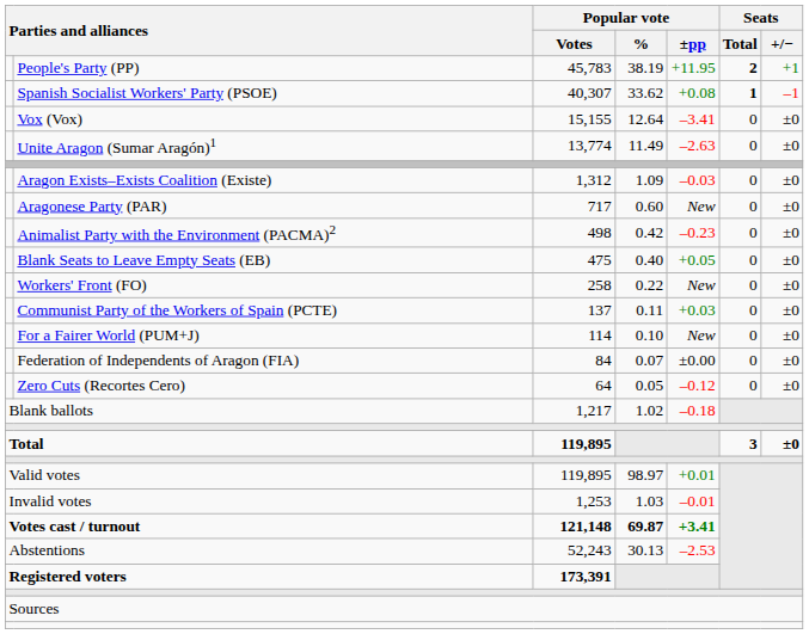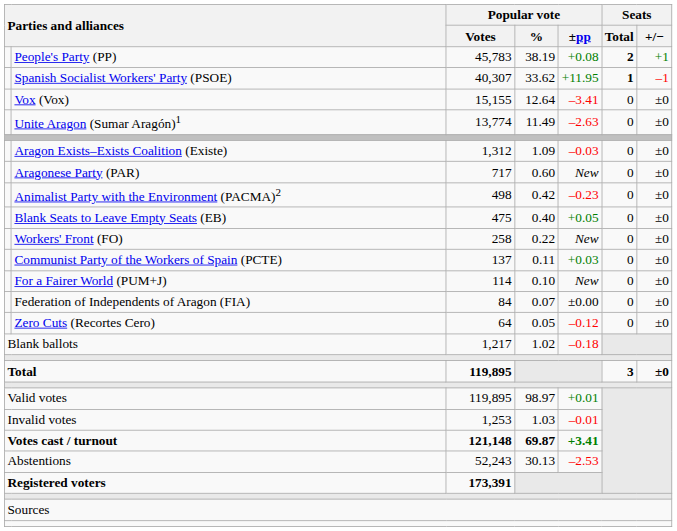 <table class="wikitable" style="text-align:right;">
 <tr>
 <th style="text-align:left;" rowspan="2" colspan="2" width="525">Parties and alliances</th>
 <th colspan="3">Popular vote</th>
 <th colspan="2">Seats</th>
 </tr>
 <tr>
 <th width="75">Votes</th>
 <th width="45">%</th>
 <th width="45">±<a href='#'>pp</a></th>
 <th width="35">Total</th>
 <th width="35">+/−</th>
 </tr>
 <tr>
 <td width="1" style="color:inherit;background:"></td>
 <td align="left"><a href='#'>People's Party</a> (PP)</td>
 <td>45,783</td>
 <td>38.19</td>
-<td style="color:green;">+11.95</td>
+<td style="color:green;">+0.08</td>
 <td><strong>2</strong></td>
 <td style="color:green;">+1</td>
 </tr>
 <tr>
 <td style="color:inherit;background:"></td>
 <td align="left"><a href='#'>Spanish Socialist Workers' Party</a> (PSOE)</td>
 <td>40,307</td>
 <td>33.62</td>
-<td style="color:green;">+0.08</td>
+<td style="color:green;">+11.95</td>
 <td><strong>1</strong></td>
 <td style="color:red;">–1</td>
 </tr>
 <tr>
 <td style="color:inherit;background:"></td>
 <td align="left"><a href='#'>Vox</a> (Vox)</td>
 <td>15,155</td>
 <td>12.64</td>
 <td style="color:red;">–3.41</td>
 <td>0</td>
 <td>±0</td>
 </tr>
 <tr>
 <td style="color:inherit;background:"></td>
 <td align="left"><a href='#'>Unite Aragon</a> (Sumar Aragón)<sup>1</sup></td>
 <td>13,774</td>
 <td>11.49</td>
 <td style="color:red;">–2.63</td>
 <td>0</td>
 <td>±0</td>
 </tr>
 <tr>
 <td colspan="7" bgcolor="#C0C0C0"></td>
 </tr>
 <tr>
 <td style="color:inherit;background:"></td>
 <td align="left"><a href='#'>Aragon Exists–Exists Coalition</a> (Existe)</td>
 <td>1,312</td>
 <td>1.09</td>
 <td style="color:red;">–0.03</td>
 <td>0</td>
 <td>±0</td>
 </tr>
 <tr>
 <td style="color:inherit;background:"></td>
 <td align="left"><a href='#'>Aragonese Party</a> (PAR)</td>
 <td>717</td>
 <td>0.60</td>
 <td><em>New</em></td>
 <td>0</td>
 <td>±0</td>
 </tr>
 <tr>
 <td style="color:inherit;background:"></td>
 <td align="left"><a href='#'>Animalist Party with the Environment</a> (PACMA)<sup>2</sup></td>
 <td>498</td>
 <td>0.42</td>
 <td style="color:red;">–0.23</td>
 <td>0</td>
 <td>±0</td>
 </tr>
 <tr>
 <td style="color:inherit;background:"></td>
 <td align="left"><a href='#'>Blank Seats to Leave Empty Seats</a> (EB)</td>
 <td>475</td>
 <td>0.40</td>
 <td style="color:green;">+0.05</td>
 <td>0</td>
 <td>±0</td>
 </tr>
 <tr>
 <td style="color:inherit;background:"></td>
 <td align="left"><a href='#'>Workers' Front</a> (FO)</td>
 <td>258</td>
 <td>0.22</td>
 <td><em>New</em></td>
 <td>0</td>
 <td>±0</td>
 </tr>
 <tr>
 <td style="color:inherit;background:"></td>
 <td align="left"><a href='#'>Communist Party of the Workers of Spain</a> (PCTE)</td>
 <td>137</td>
 <td>0.11</td>
 <td style="color:green;">+0.03</td>
 <td>0</td>
 <td>±0</td>
 </tr>
 <tr>
 <td style="color:inherit;background:"></td>
 <td align="left"><a href='#'>For a Fairer World</a> (PUM+J)</td>
 <td>114</td>
 <td>0.10</td>
 <td><em>New</em></td>
 <td>0</td>
 <td>±0</td>
 </tr>
 <tr>
 <td style="color:inherit;background:"></td>
 <td align="left">Federation of Independents of Aragon (FIA)</td>
 <td>84</td>
 <td>0.07</td>
 <td>±0.00</td>
 <td>0</td>
 <td>±0</td>
 </tr>
 <tr>
 <td style="color:inherit;background:"></td>
 <td align="left"><a href='#'>Zero Cuts</a> (Recortes Cero)</td>
 <td>64</td>
 <td>0.05</td>
 <td style="color:red;">–0.12</td>
 <td>0</td>
 <td>±0</td>
 </tr>
 <tr>
 <td align="left" colspan="2">Blank ballots</td>
 <td>1,217</td>
 <td>1.02</td>
 <td style="color:red;">–0.18</td>
 <td bgcolor="#E9E9E9" colspan="2"></td>
 </tr>
 <tr>
 <td colspan="7" bgcolor="#E9E9E9"></td>
 </tr>
 <tr style="font-weight:bold;">
 <td align="left" colspan="2">Total</td>
 <td>119,895</td>
 <td bgcolor="#E9E9E9" colspan="2"></td>
 <td>3</td>
 <td>±0</td>
 </tr>
 <tr>
 <td colspan="7" bgcolor="#E9E9E9"></td>
 </tr>
 <tr>
 <td align="left" colspan="2">Valid votes</td>
 <td>119,895</td>
 <td>98.97</td>
 <td style="color:green;">+0.01</td>
 <td bgcolor="#E9E9E9" colspan="2" rowspan="5"></td>
 </tr>
 <tr>
 <td align="left" colspan="2">Invalid votes</td>
 <td>1,253</td>
 <td>1.03</td>
 <td style="color:red;">–0.01</td>
 </tr>
 <tr style="font-weight:bold;">
 <td align="left" colspan="2">Votes cast / turnout</td>
 <td>121,148</td>
 <td>69.87</td>
 <td style="color:green;">+3.41</td>
 </tr>
 <tr>
 <td align="left" colspan="2">Abstentions</td>
 <td>52,243</td>
 <td>30.13</td>
 <td style="color:red;">–2.53</td>
 </tr>
 <tr style="font-weight:bold;">
 <td align="left" colspan="2">Registered voters</td>
 <td>173,391</td>
 <td bgcolor="#E9E9E9" colspan="2"></td>
 </tr>
 <tr>
 <td colspan="7" bgcolor="#E9E9E9"></td>
 </tr>
 <tr>
 <td align="left" colspan="7">Sources</td>
 </tr>
 <tr>
 <td colspan="7" style="text-align:left; max-width:790px;"></td>
 </tr>
 </table>
